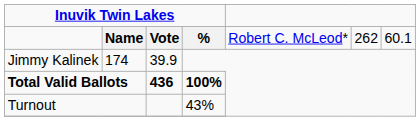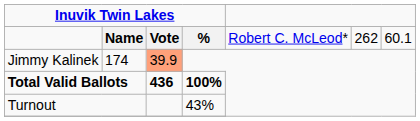 <table class="wikitable">
 <tr>
 <td colspan=4 align=center><strong><a href='#'>Inuvik Twin Lakes</a></strong></td>
 </tr>
 <tr>
 <td></td>
 <th><strong>Name </strong></th>
 <th><strong>Vote</strong></th>
 <th><strong>%</strong><br></th>
 <td><a href='#'>Robert C. McLeod</a>*</td>
 <td>262</td>
 <td>60.1</td>
 </tr>
 <tr>
 <td>Jimmy Kalinek</td>
 <td>174</td>
-<td>39.9</td>
+<td style="background: lightsalmon;">39.9</td>
 </tr>
 <tr>
 <td colspan=2><strong>Total Valid Ballots</strong></td>
 <td><strong>436</strong></td>
 <td><strong>100%</strong></td>
 </tr>
 <tr>
 <td colspan=2>Turnout</td>
 <td></td>
 <td>43%</td>
 </tr>
 <tr>
 </tr>
 </table>
